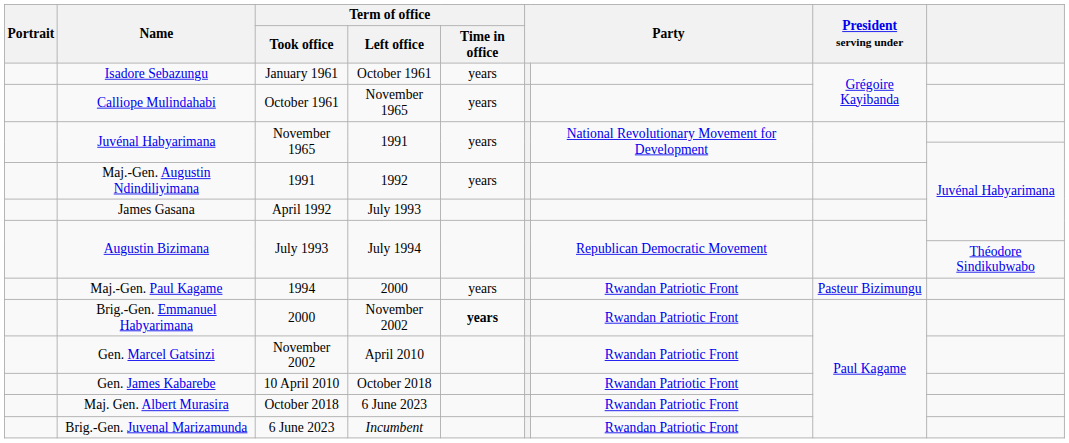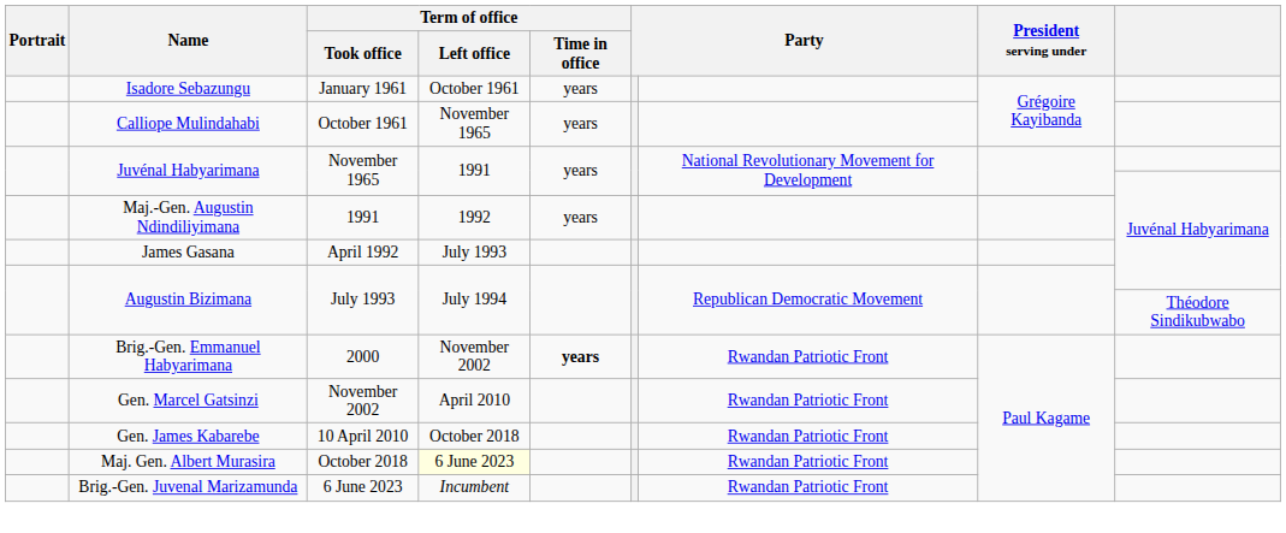 <table class="wikitable" style="text-align:center">
 <tr>
 <th rowspan=2>Portrait</th>
 <th rowspan=2>Name<br></th>
 <th colspan=3>Term of office</th>
 <th colspan=2 rowspan=2>Party</th>
 <th rowspan=2><a href='#'>President</a><br><small>serving under</small></th>
 <th rowspan=2></th>
 </tr>
 <tr>
 <th>Took office</th>
 <th>Left office</th>
 <th>Time in office</th>
 </tr>
 <tr>
 <td></td>
 <td><a href='#'>Isadore Sebazungu</a></td>
 <td>January 1961</td>
 <td>October 1961</td>
 <td> years</td>
 <th></th>
 <td></td>
 <td rowspan="2"><a href='#'>Grégoire Kayibanda</a></td>
 <td></td>
 </tr>
 <tr>
 <td></td>
 <td><a href='#'>Calliope Mulindahabi</a></td>
 <td>October 1961</td>
 <td>November 1965</td>
 <td> years</td>
 <th></th>
 <td></td>
 <td></td>
 </tr>
 <tr style="height: 24px;">
 <td rowspan="2"></td>
 <td rowspan="2"><a href='#'>Juvénal Habyarimana</a></td>
 <td rowspan="2">November 1965</td>
 <td rowspan="2">1991</td>
 <td rowspan="2"> years</td>
 <th rowspan="2" scope="row" style="background-color: "></th>
 <td rowspan="2"><a href='#'>National Revolutionary Movement for Development</a></td>
 <td rowspan="2"></td>
 </tr>
 <tr style="height: 24px;">
 <td rowspan="4"><a href='#'>Juvénal Habyarimana</a></td>
 </tr>
 <tr>
 <td></td>
 <td>Maj.-Gen. <a href='#'>Augustin Ndindiliyimana</a></td>
 <td>1991</td>
 <td>1992</td>
 <td> years</td>
 <th></th>
 <td></td>
 <td></td>
 </tr>
 <tr>
 <td></td>
 <td>James Gasana</td>
 <td>April 1992</td>
 <td>July 1993</td>
 <td></td>
 <th></th>
 <td></td>
 <td></td>
 </tr>
 <tr style="height: 24px;">
 <td rowspan="2"></td>
 <td rowspan="2"><a href='#'>Augustin Bizimana</a></td>
 <td rowspan="2">July 1993</td>
 <td rowspan="2">July 1994</td>
 <td rowspan="2"></td>
 <th rowspan="2" scope="row" style="background-color: "></th>
 <td rowspan="2"><a href='#'>Republican Democratic Movement</a></td>
 <td rowspan="2"></td>
 </tr>
 <tr>
 <td><a href='#'>Théodore Sindikubwabo</a></td>
 </tr>
 <tr>
 <td></td>
-<td>Maj.-Gen. <a href='#'>Paul Kagame</a></td>
-<td>1994</td>
-<td>2000</td>
-<td> years</td>
-<th scope="row" style="background-color: "></th>
-<td><a href='#'>Rwandan Patriotic Front</a></td>
-<td><a href='#'>Pasteur Bizimungu</a></td>
-<td></td>
-</tr>
-<tr>
-<td></td>
 <td>Brig.-Gen. <a href='#'>Emmanuel Habyarimana</a></td>
 <td>2000</td>
 <td>November 2002</td>
 <td><strong> years</strong></td>
 <th scope="row" style="background-color: "></th>
 <td><a href='#'>Rwandan Patriotic Front</a></td>
 <td rowspan="5"><a href='#'>Paul Kagame</a></td>
 <td></td>
 </tr>
 <tr>
 <td></td>
 <td>Gen. <a href='#'>Marcel Gatsinzi</a></td>
 <td>November 2002</td>
 <td>April 2010</td>
 <td></td>
 <th scope="row" style="background-color: "></th>
 <td><a href='#'>Rwandan Patriotic Front</a></td>
 <td></td>
 </tr>
 <tr>
 <td></td>
 <td>Gen. <a href='#'>James Kabarebe </a></td>
 <td>10 April 2010</td>
 <td>October 2018</td>
 <td></td>
 <th scope="row" style="background-color: "></th>
 <td><a href='#'>Rwandan Patriotic Front</a></td>
 <td></td>
 </tr>
 <tr>
 <td></td>
 <td>Maj. Gen. <a href='#'>Albert Murasira</a></td>
 <td>October 2018</td>
-<td>6 June 2023</td>
+<td style="background: lightyellow;">6 June 2023</td>
 <td></td>
 <th scope="row" style="background-color: "></th>
 <td><a href='#'>Rwandan Patriotic Front</a></td>
 <td></td>
 </tr>
 <tr>
 <td></td>
 <td>Brig.-Gen. <a href='#'>Juvenal Marizamunda</a></td>
 <td>6 June 2023</td>
 <td><em>Incumbent</em></td>
 <td></td>
 <th scope="row" style="background-color: "></th>
 <td><a href='#'>Rwandan Patriotic Front</a></td>
 <td></td>
 </tr>
 </table>
